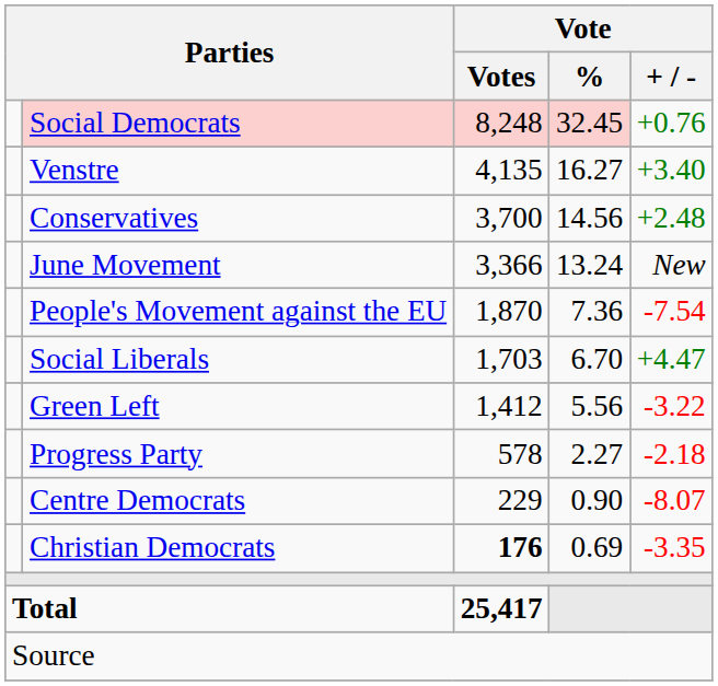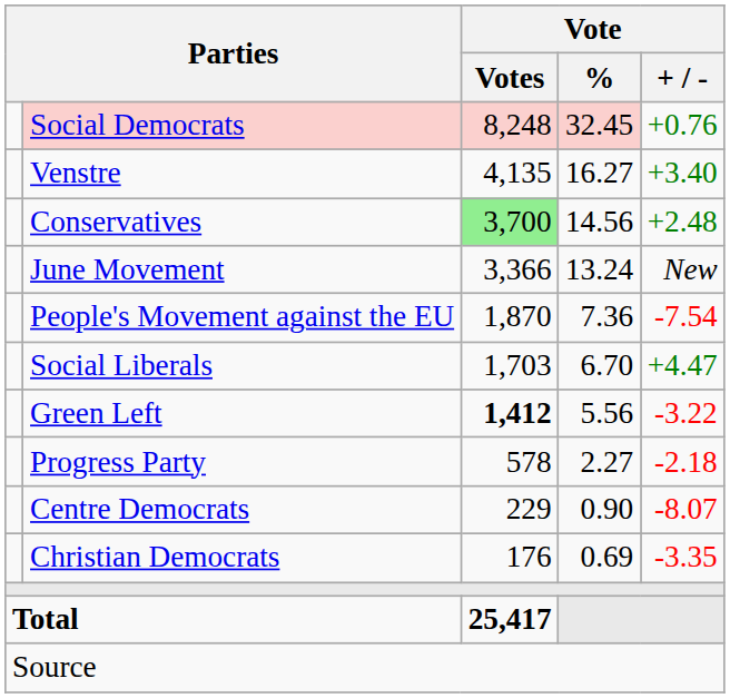 <table class="wikitable" style="text-align:right;">
 <tr>
 <th style="text-align:centre;" rowspan="2" colspan="2" width="225">Parties</th>
 <th colspan="3">Vote</th>
 </tr>
 <tr>
 <th width="15">Votes</th>
 <th width="15">%</th>
 <th width="15">+ / -</th>
 </tr>
 <tr>
 <td width="2" style="color:inherit;background:"></td>
 <td bgcolor=#fbd0ce   align="left"><a href='#'>Social Democrats</a></td>
 <td bgcolor=#fbd0ce>8,248</td>
 <td bgcolor=#fbd0ce>32.45</td>
 <td style=color:green;>+0.76</td>
 </tr>
 <tr>
 <td width="2" style="color:inherit;background:"></td>
 <td align="left"><a href='#'>Venstre</a></td>
 <td>4,135</td>
 <td>16.27</td>
 <td style=color:green;>+3.40</td>
 </tr>
 <tr>
 <td width="2" style="color:inherit;background:"></td>
 <td align="left"><a href='#'>Conservatives</a></td>
-<td>3,700</td>
+<td style="background: lightgreen;">3,700</td>
 <td>14.56</td>
 <td style=color:green;>+2.48</td>
 </tr>
 <tr>
 <td width="2" style="color:inherit;background:"></td>
 <td align="left"><a href='#'>June Movement</a></td>
 <td>3,366</td>
 <td>13.24</td>
 <td><em>New</em></td>
 </tr>
 <tr>
 <td width="2" style="color:inherit;background:"></td>
 <td align="left"><a href='#'>People's Movement against the EU</a></td>
 <td>1,870</td>
 <td>7.36</td>
 <td style=color:red;>-7.54</td>
 </tr>
 <tr>
 <td width="2" style="color:inherit;background:"></td>
 <td align="left"><a href='#'>Social Liberals</a></td>
 <td>1,703</td>
 <td>6.70</td>
 <td style=color:green;>+4.47</td>
 </tr>
 <tr>
 <td width="2" style="color:inherit;background:"></td>
 <td align="left"><a href='#'>Green Left</a></td>
-<td>1,412</td>
+<td><strong>1,412</strong></td>
 <td>5.56</td>
 <td style=color:red;>-3.22</td>
 </tr>
 <tr>
 <td width="2" style="color:inherit;background:"></td>
 <td align="left"><a href='#'>Progress Party</a></td>
 <td>578</td>
 <td>2.27</td>
 <td style=color:red;>-2.18</td>
 </tr>
 <tr>
 <td width="2" style="color:inherit;background:"></td>
 <td align="left"><a href='#'>Centre Democrats</a></td>
 <td>229</td>
 <td>0.90</td>
 <td style=color:red;>-8.07</td>
 </tr>
 <tr>
 <td width="2" style="color:inherit;background:"></td>
 <td align="left"><a href='#'>Christian Democrats</a></td>
-<td><strong>176</strong></td>
+<td>176</td>
 <td>0.69</td>
 <td style=color:red;>-3.35</td>
 </tr>
 <tr>
 <td colspan="7" bgcolor="#E9E9E9"></td>
 </tr>
 <tr>
 <td align="left" colspan="2"><strong>Total</strong></td>
 <td><strong>25,417</strong></td>
 <td bgcolor="#E9E9E9" colspan="2"></td>
 </tr>
 <tr>
 <td align="left" colspan="6">Source</td>
 </tr>
 </table>
